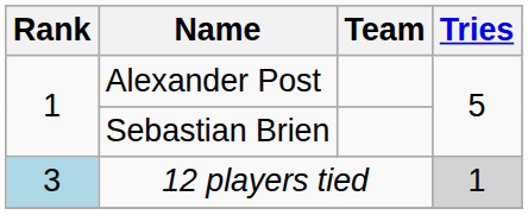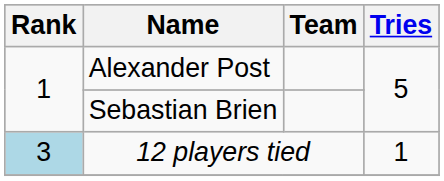 <table class="wikitable" style="text-align:center">
 <tr>
 <th>Rank</th>
 <th>Name</th>
 <th>Team</th>
 <th><a href='#'>Tries</a></th>
 </tr>
 <tr>
 <td rowspan="2">1</td>
 <td align="left">Alexander Post</td>
 <td align="left"></td>
 <td rowspan="2">5</td>
 </tr>
 <tr>
 <td align="left">Sebastian Brien</td>
 <td align="left"></td>
 </tr>
 <tr>
 <td style="background: lightblue;">3</td>
 <td colspan="2"><em>12 players tied</em></td>
-<td style="background: lightgrey;">1</td>
+<td>1</td>
 </tr>
 <tr>
 </tr>
 </table>
